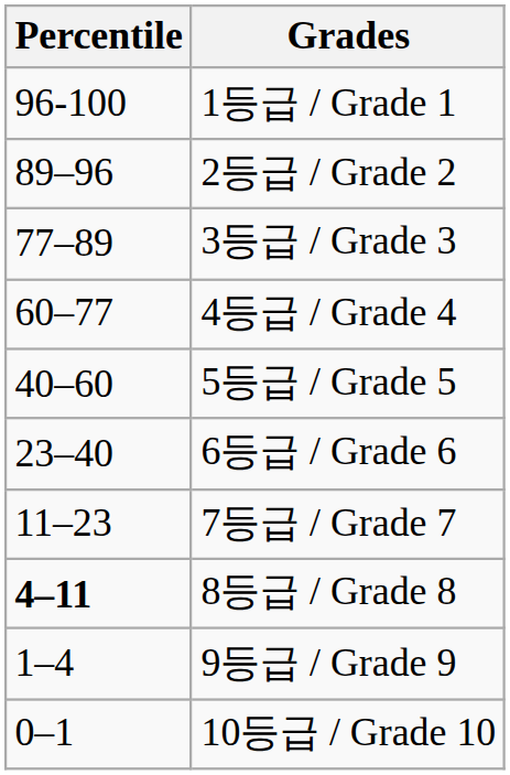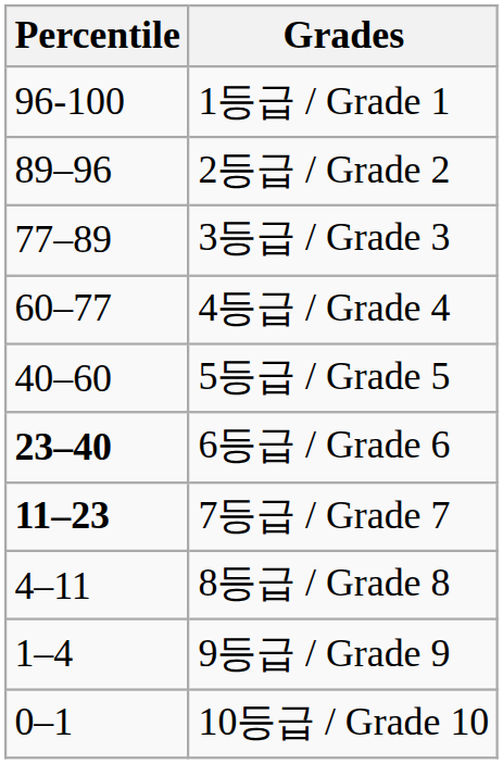 <table class="wikitable">
 <tr>
 <th>Percentile</th>
 <th>Grades</th>
 </tr>
 <tr>
 <td>96-100</td>
 <td>1등급 / Grade 1</td>
 </tr>
 <tr>
 <td>89–96</td>
 <td>2등급 / Grade 2</td>
 </tr>
 <tr>
 <td>77–89</td>
 <td>3등급 / Grade 3</td>
 </tr>
 <tr>
 <td>60–77</td>
 <td>4등급 / Grade 4</td>
 </tr>
 <tr>
 <td>40–60</td>
 <td>5등급 / Grade 5</td>
 </tr>
 <tr>
-<td>23–40</td>
+<td><strong>23–40</strong></td>
 <td>6등급 / Grade 6</td>
 </tr>
 <tr>
-<td>11–23</td>
+<td><strong>11–23</strong></td>
 <td>7등급 / Grade 7</td>
 </tr>
 <tr>
-<td><strong>4–11</strong></td>
+<td>4–11</td>
 <td>8등급 / Grade 8</td>
 </tr>
 <tr>
 <td>1–4</td>
 <td>9등급 / Grade 9</td>
 </tr>
 <tr>
 <td>0–1</td>
 <td>10등급 / Grade 10</td>
 </tr>
 </table>
